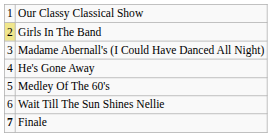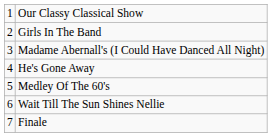 <table class="wikitable">
 <tr>
 <td>1</td>
 <td>Our Classy Classical Show</td>
 </tr>
 <tr>
-<td style="background: khaki;">2</td>
+<td>2</td>
 <td>Girls In The Band</td>
 </tr>
 <tr>
 <td>3</td>
 <td>Madame Abernall's (I Could Have Danced All Night)</td>
 </tr>
 <tr>
 <td>4</td>
 <td>He's Gone Away</td>
 </tr>
 <tr>
 <td>5</td>
 <td>Medley Of The 60's</td>
 </tr>
 <tr>
 <td>6</td>
 <td>Wait Till The Sun Shines Nellie</td>
 </tr>
 <tr>
-<td><strong>7</strong></td>
+<td>7</td>
 <td>Finale</td>
 </tr>
 </table>
